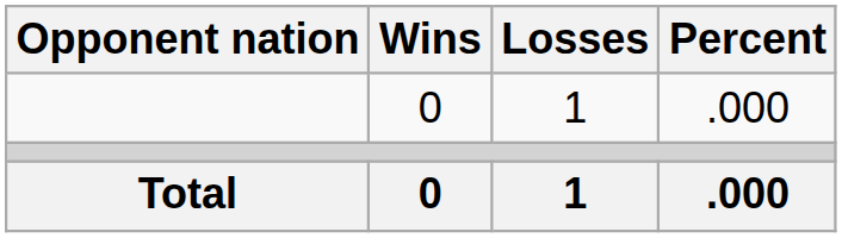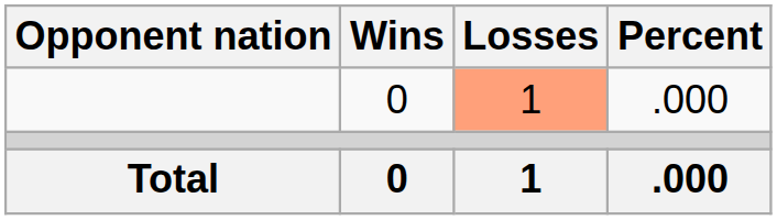 <table class=wikitable>
 <tr>
 <th>Opponent nation</th>
 <th>Wins</th>
 <th>Losses</th>
 <th>Percent</th>
 </tr>
 <tr align=center>
 <td align=left></td>
 <td>0</td>
-<td>1</td>
+<td style="background: lightsalmon;">1</td>
 <td>.000</td>
 </tr>
 <tr>
 <td colspan=4 bgcolor=lightgray></td>
 </tr>
 <tr>
 <th>Total</th>
 <th>0</th>
 <th>1</th>
 <th>.000</th>
 </tr>
 </table>
